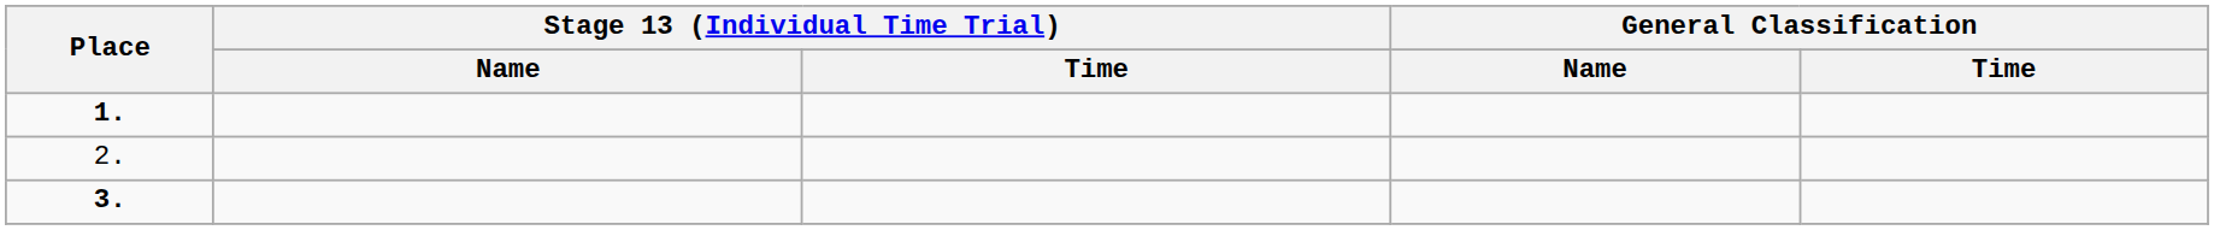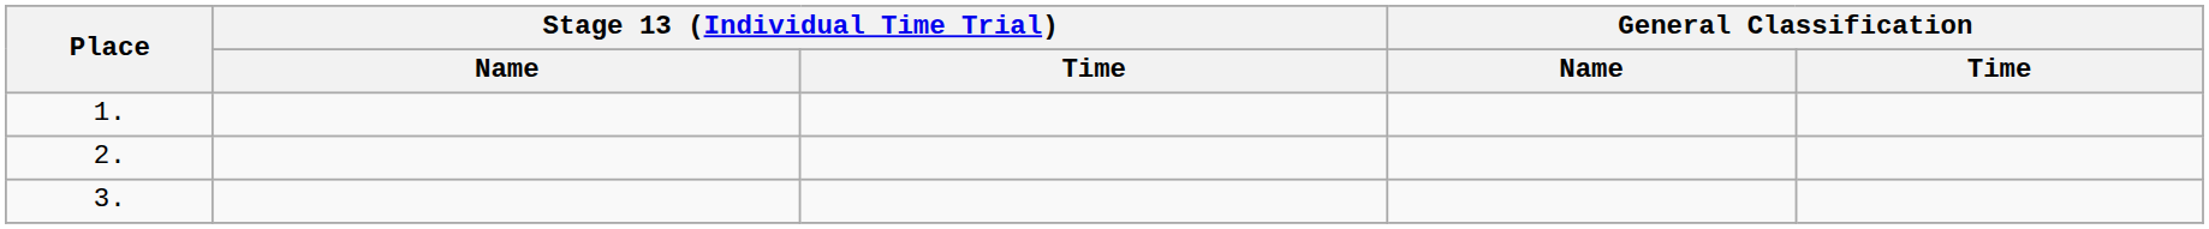 <table class=wikitable style="font-size:95%" width="80%">
 <tr>
 <th rowspan="2">Place</th>
 <th colspan="2">Stage 13 (<a href='#'>Individual Time Trial</a>)</th>
 <th colspan="2">General Classification</th>
 </tr>
 <tr>
 <th>Name</th>
 <th>Time</th>
 <th>Name</th>
 <th>Time</th>
 </tr>
 <tr>
-<td align="center"><strong>1.</strong></td>
+<td align="center">1.</td>
 <td></td>
 <td></td>
 <td></td>
 <td></td>
 </tr>
 <tr>
 <td align="center">2.</td>
 <td></td>
 <td></td>
 <td></td>
 <td></td>
 </tr>
 <tr>
-<td align="center"><strong>3.</strong></td>
+<td align="center">3.</td>
 <td></td>
 <td></td>
 <td></td>
 <td></td>
 </tr>
 </table>
